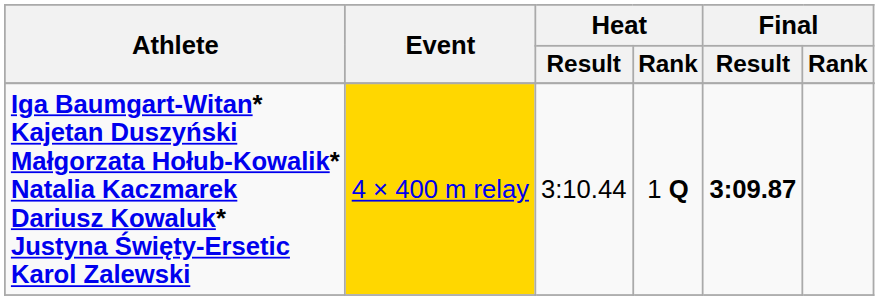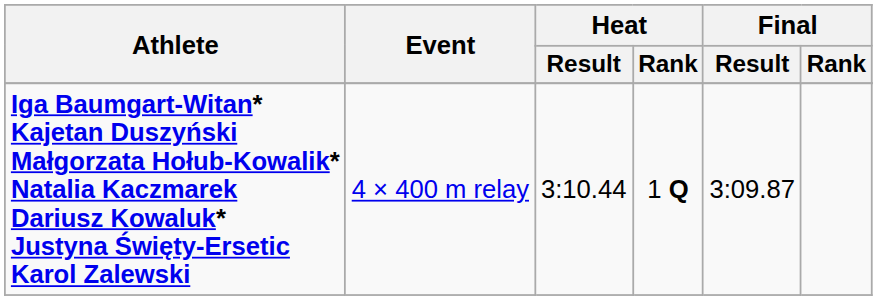 <table class="wikitable" style="text-align:center; font-size:90%">
 <tr>
 <th rowspan=2>Athlete</th>
 <th rowspan=2>Event</th>
 <th colspan=2>Heat</th>
 <th colspan=2>Final</th>
 </tr>
 <tr style="font-size:95%">
 <th>Result</th>
 <th>Rank</th>
 <th>Result</th>
 <th>Rank</th>
 </tr>
 <tr>
 </tr>
 <tr>
 <td align=left><strong><a href='#'>Iga Baumgart-Witan</a>*<br><a href='#'>Kajetan Duszyński</a><br><a href='#'>Małgorzata Hołub-Kowalik</a>*<br><a href='#'>Natalia Kaczmarek</a><br><a href='#'>Dariusz Kowaluk</a>*<br><a href='#'>Justyna Święty-Ersetic</a><br><a href='#'>Karol Zalewski</a></strong></td>
-<td align=left style="background: gold;"><a href='#'>4 × 400 m relay</a></td>
+<td align=left><a href='#'>4 × 400 m relay</a></td>
 <td>3:10.44 </td>
 <td>1 <strong>Q</strong></td>
-<td><strong>3:09.87 </strong></td>
+<td>3:09.87 </td>
 <td></td>
 </tr>
 </table>
